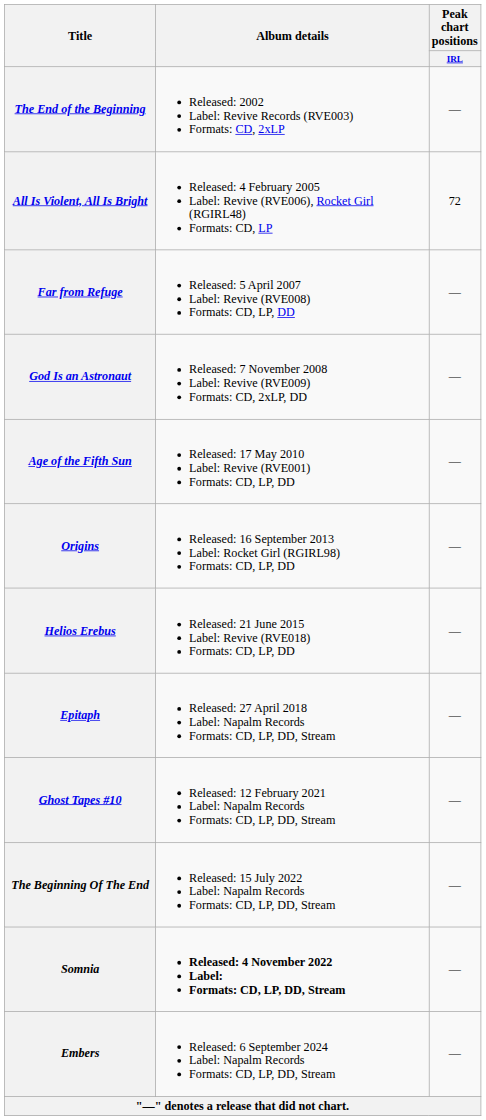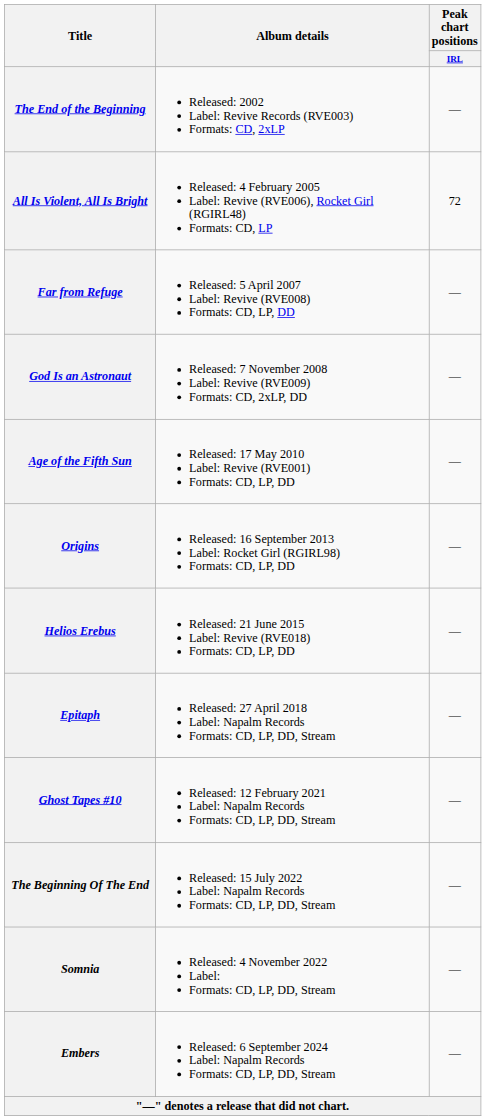 <table class="wikitable plainrowheaders" style="text-align:left">
 <tr>
 <th scope="col" style="width:12em" rowspan="2">Title</th>
 <th scope="col" style="width:22em" rowspan="2">Album details</th>
 <th scope="col" colspan="1">Peak chart positions</th>
 </tr>
 <tr>
 <th scope="col" style="width:2em; font-size:75%"><a href='#'>IRL</a><br></th>
 </tr>
 <tr>
 <th scope="row"><em><a href='#'>The End of the Beginning</a></em></th>
 <td><br><ul><li>Released: 2002</li><li>Label: Revive Records (RVE003)</li><li>Formats: <a href='#'>CD</a>, <a href='#'>2xLP</a></li></ul></td>
 <td style="text-align:center">—</td>
 </tr>
 <tr>
 <th scope="row"><em><a href='#'>All Is Violent, All Is Bright</a></em></th>
 <td><br><ul><li>Released: 4 February 2005</li><li>Label: Revive (RVE006), <a href='#'>Rocket Girl</a> (RGIRL48)</li><li>Formats: CD, <a href='#'>LP</a></li></ul></td>
 <td style="text-align:center">72</td>
 </tr>
 <tr>
 <th scope="row"><em><a href='#'>Far from Refuge</a></em></th>
 <td><br><ul><li>Released: 5 April 2007</li><li>Label: Revive (RVE008)</li><li>Formats: CD, LP, <a href='#'>DD</a></li></ul></td>
 <td style="text-align:center">—</td>
 </tr>
 <tr>
 <th scope="row"><em><a href='#'>God Is an Astronaut</a></em></th>
 <td><br><ul><li>Released: 7 November 2008</li><li>Label: Revive (RVE009)</li><li>Formats: CD, 2xLP, DD</li></ul></td>
 <td style="text-align:center">—</td>
 </tr>
 <tr>
 <th scope="row"><em><a href='#'>Age of the Fifth Sun</a></em></th>
 <td><br><ul><li>Released: 17 May 2010</li><li>Label: Revive (RVE001)</li><li>Formats: CD, LP, DD</li></ul></td>
 <td style="text-align:center">—</td>
 </tr>
 <tr>
 <th scope="row"><em><a href='#'>Origins</a></em></th>
 <td><br><ul><li>Released: 16 September 2013</li><li>Label: Rocket Girl (RGIRL98)</li><li>Formats: CD, LP, DD</li></ul></td>
 <td style="text-align:center">—</td>
 </tr>
 <tr>
 <th scope="row"><em><a href='#'>Helios  Erebus</a></em></th>
 <td><br><ul><li>Released: 21 June 2015</li><li>Label: Revive (RVE018)</li><li>Formats: CD, LP, DD</li></ul></td>
 <td style="text-align:center">—</td>
 </tr>
 <tr>
 <th scope="row"><em><a href='#'>Epitaph</a></em></th>
 <td><br><ul><li>Released: 27 April 2018</li><li>Label: Napalm Records</li><li>Formats: CD, LP, DD, Stream</li></ul></td>
 <td style="text-align:center">—</td>
 </tr>
 <tr>
 <th scope="row"><em><a href='#'>Ghost Tapes #10</a></em></th>
 <td><br><ul><li>Released: 12 February 2021</li><li>Label: Napalm Records</li><li>Formats: CD, LP, DD, Stream</li></ul></td>
 <td style="text-align:center">—</td>
 </tr>
 <tr>
 <th scope="row"><em>The Beginning Of The End</em></th>
 <td><br><ul><li>Released: 15 July 2022</li><li>Label: Napalm Records</li><li>Formats: CD, LP, DD, Stream</li></ul></td>
 <td style="text-align:center">—</td>
 </tr>
 <tr>
 <th scope="row"><em>Somnia</em></th>
-<td><strong><br><ul><li>Released: 4 November 2022</li><li>Label:</li><li>Formats: CD, LP, DD, Stream</li></ul></strong></td>
+<td><br><ul><li>Released: 4 November 2022</li><li>Label:</li><li>Formats: CD, LP, DD, Stream</li></ul></td>
 <td style="text-align:center">—</td>
 </tr>
 <tr>
 <th scope="row"><em>Embers</em></th>
 <td><br><ul><li>Released: 6 September 2024</li><li>Label: Napalm Records</li><li>Formats: CD, LP, DD, Stream</li></ul></td>
 <td style="text-align:center">—</td>
 </tr>
 <tr>
 <th scope="row" style="text-align:center" colspan="4">"—" denotes a release that did not chart.</th>
 </tr>
 </table>
